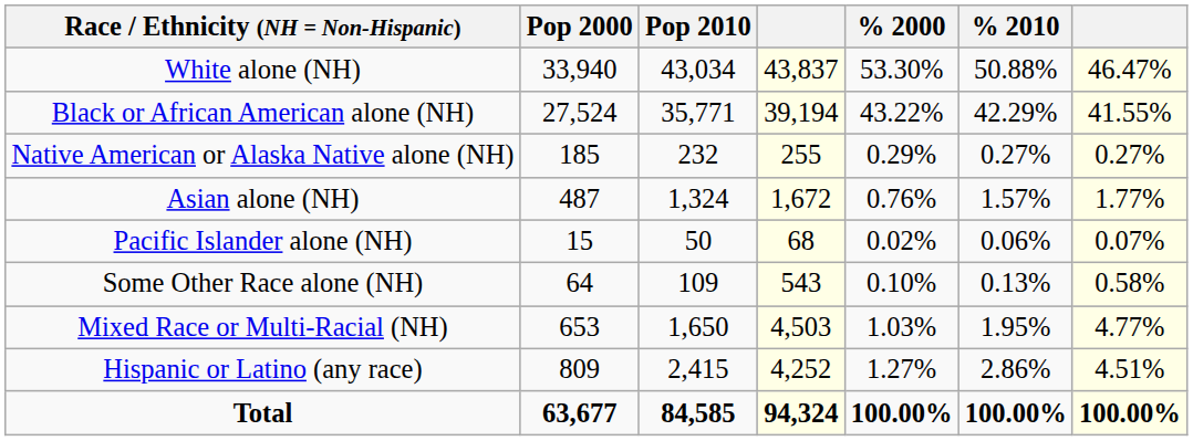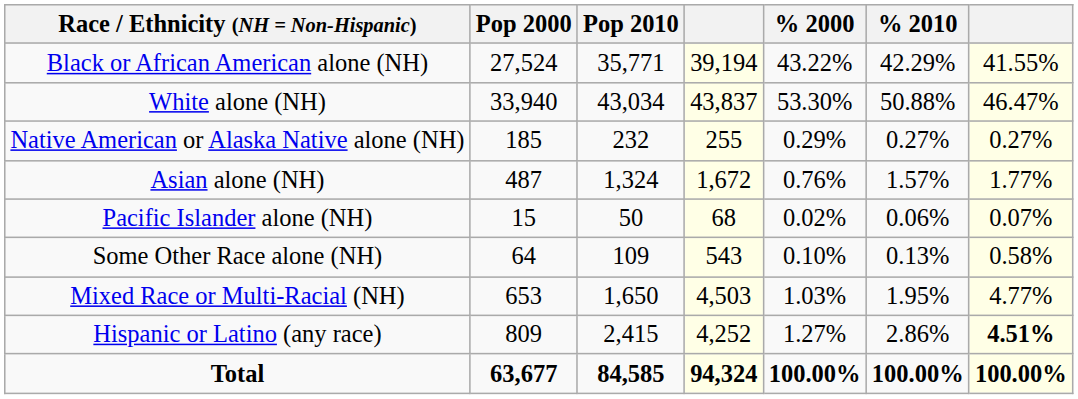 <table class="wikitable" style="text-align:center;">
 <tr>
 <th>Race / Ethnicity <small>(<em>NH = Non-Hispanic</em>)</small></th>
 <th>Pop 2000</th>
 <th>Pop 2010</th>
 <th></th>
 <th>% 2000</th>
 <th>% 2010</th>
 <th></th>
 </tr>
 <tr>
+<td><a href='#'>Black or African American</a> alone (NH)</td>
+<td>27,524</td>
+<td>35,771</td>
+<td style='background: #ffffe6;'>39,194</td>
+<td>43.22%</td>
+<td>42.29%</td>
+<td style='background: #ffffe6;'>41.55%</td>
+</tr>
+<tr>
 <td><a href='#'>White</a> alone (NH)</td>
 <td>33,940</td>
 <td>43,034</td>
 <td style='background: #ffffe6;'>43,837</td>
 <td>53.30%</td>
 <td>50.88%</td>
 <td style='background: #ffffe6;'>46.47%</td>
-</tr>
-<tr>
-<td><a href='#'>Black or African American</a> alone (NH)</td>
-<td>27,524</td>
-<td>35,771</td>
-<td style='background: #ffffe6;'>39,194</td>
-<td>43.22%</td>
-<td>42.29%</td>
-<td style='background: #ffffe6;'>41.55%</td>
 </tr>
 <tr>
 <td><a href='#'>Native American</a> or <a href='#'>Alaska Native</a> alone (NH)</td>
 <td>185</td>
 <td>232</td>
 <td style='background: #ffffe6;'>255</td>
 <td>0.29%</td>
 <td>0.27%</td>
 <td style='background: #ffffe6;'>0.27%</td>
 </tr>
 <tr>
 <td><a href='#'>Asian</a> alone (NH)</td>
 <td>487</td>
 <td>1,324</td>
 <td style='background: #ffffe6;'>1,672</td>
 <td>0.76%</td>
 <td>1.57%</td>
 <td style='background: #ffffe6;'>1.77%</td>
 </tr>
 <tr>
 <td><a href='#'>Pacific Islander</a> alone (NH)</td>
 <td>15</td>
 <td>50</td>
 <td style='background: #ffffe6;'>68</td>
 <td>0.02%</td>
 <td>0.06%</td>
 <td style='background: #ffffe6;'>0.07%</td>
 </tr>
 <tr>
 <td>Some Other Race alone (NH)</td>
 <td>64</td>
 <td>109</td>
 <td style='background: #ffffe6;'>543</td>
 <td>0.10%</td>
 <td>0.13%</td>
 <td style='background: #ffffe6;'>0.58%</td>
 </tr>
 <tr>
 <td><a href='#'>Mixed Race or Multi-Racial</a> (NH)</td>
 <td>653</td>
 <td>1,650</td>
 <td style='background: #ffffe6;'>4,503</td>
 <td>1.03%</td>
 <td>1.95%</td>
 <td style='background: #ffffe6;'>4.77%</td>
 </tr>
 <tr>
 <td><a href='#'>Hispanic or Latino</a> (any race)</td>
 <td>809</td>
 <td>2,415</td>
 <td style='background: #ffffe6;'>4,252</td>
 <td>1.27%</td>
 <td>2.86%</td>
-<td style='background: #ffffe6;'>4.51%</td>
+<td style='background: #ffffe6;'><strong>4.51%</strong></td>
 </tr>
 <tr>
 <td><strong>Total</strong></td>
 <td><strong>63,677</strong></td>
 <td><strong>84,585</strong></td>
 <td style='background: #ffffe6;'><strong>94,324</strong></td>
 <td><strong>100.00%</strong></td>
 <td><strong>100.00%</strong></td>
 <td style='background: #ffffe6;'><strong>100.00%</strong></td>
 </tr>
 </table>
